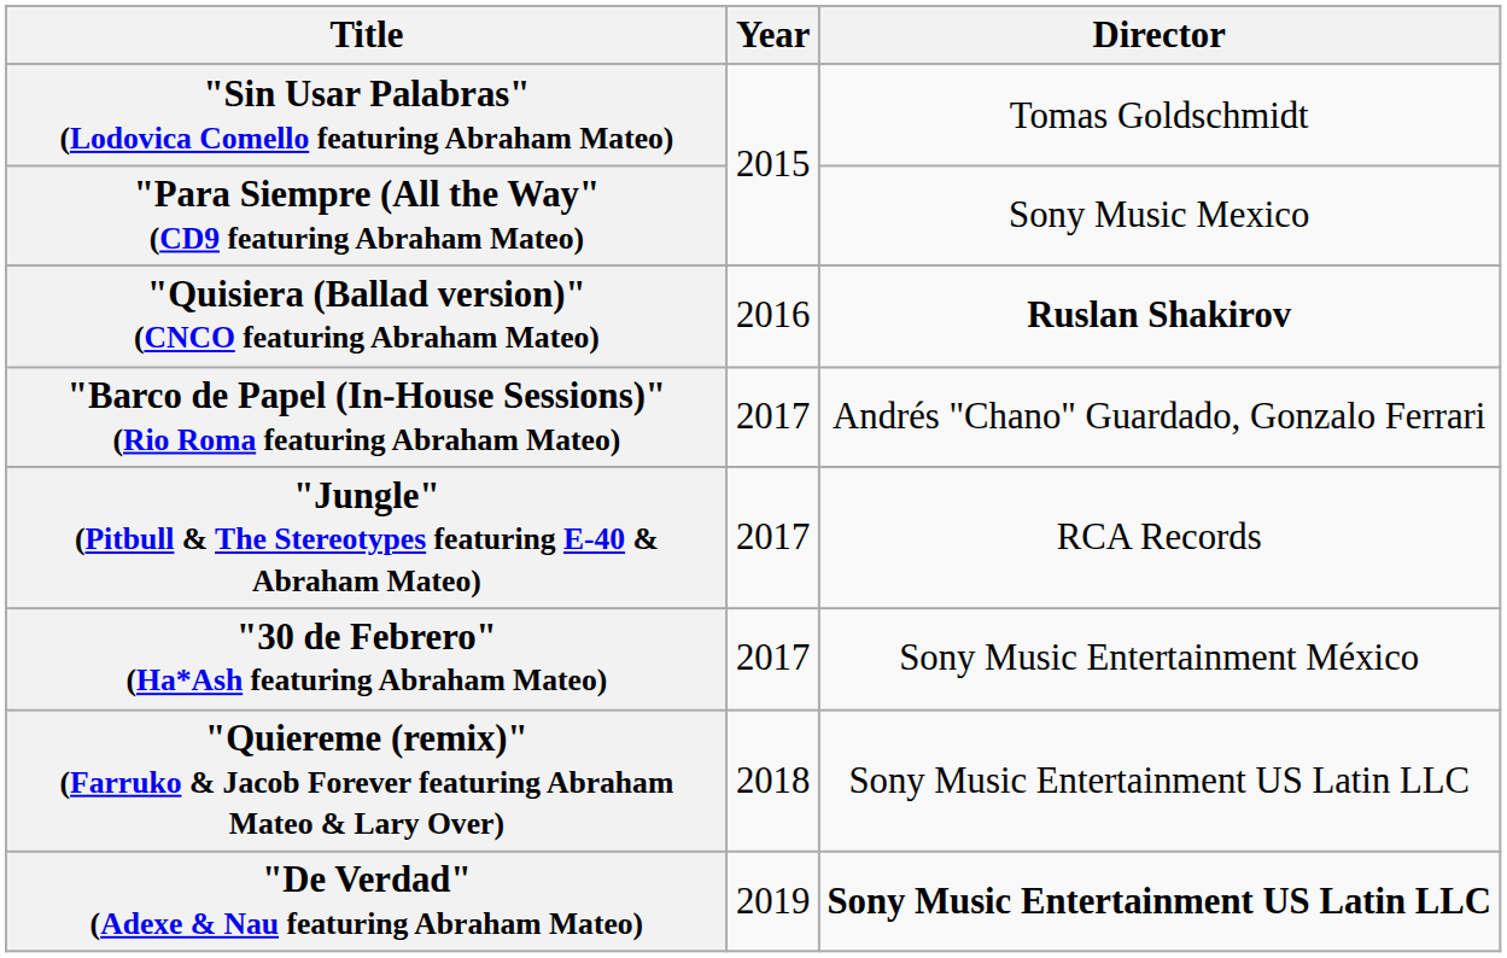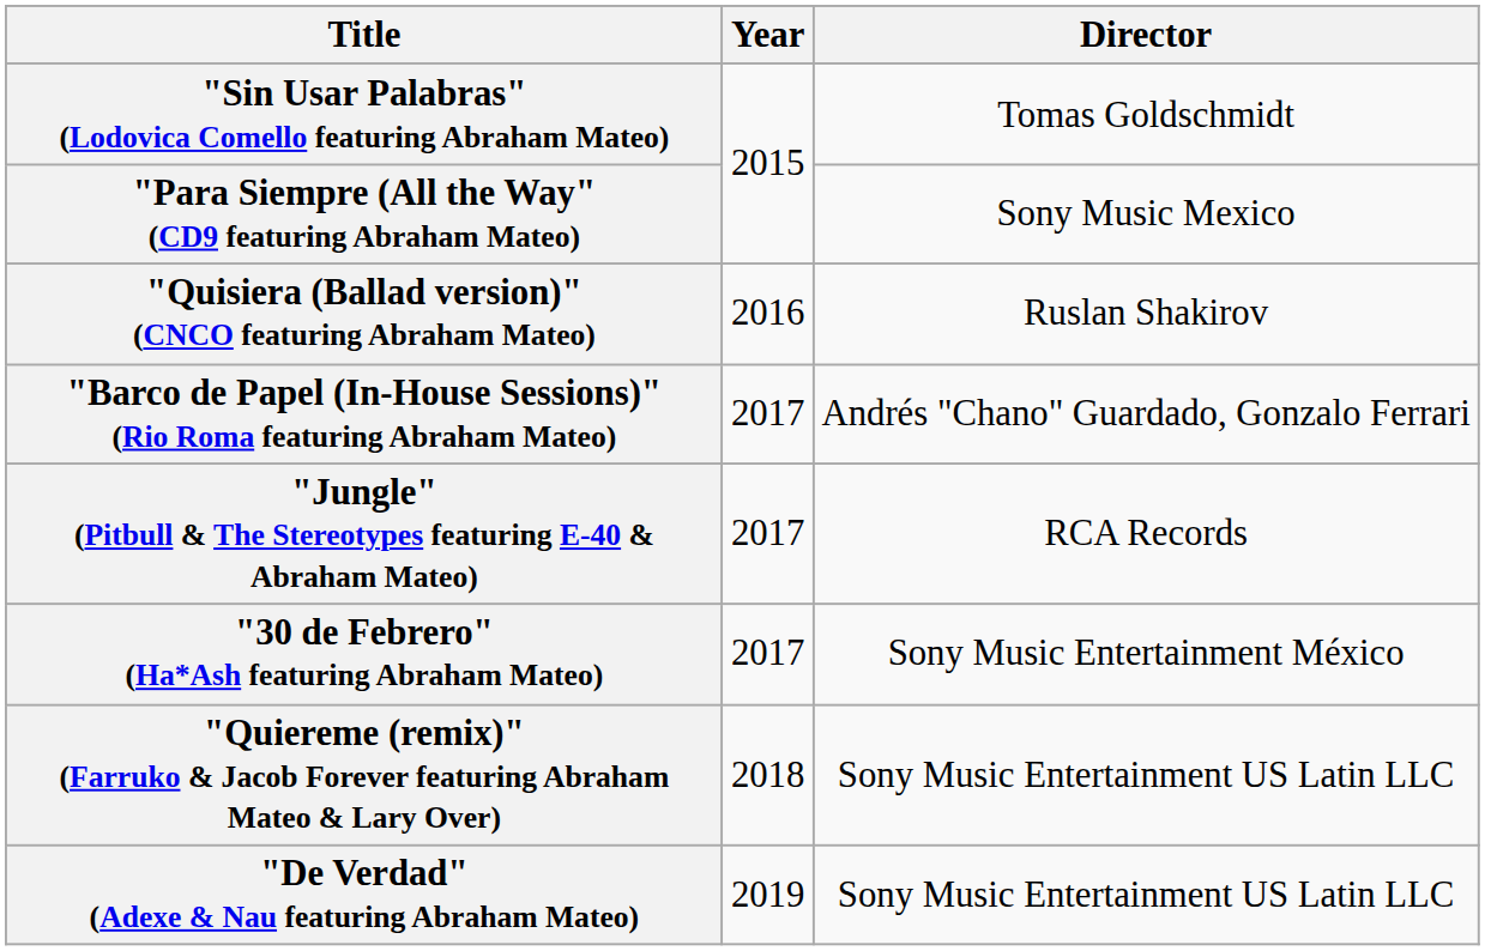 <table class="wikitable plainrowheaders" style="text-align:center;">
 <tr>
 <th scope="col" style="width:19em;">Title</th>
 <th>Year</th>
 <th>Director</th>
 </tr>
 <tr>
 <th scope="row">"Sin Usar Palabras" <br><small>(<a href='#'>Lodovica Comello</a> featuring Abraham Mateo)</small></th>
 <td rowspan="2">2015</td>
 <td>Tomas Goldschmidt</td>
 </tr>
 <tr>
 <th scope="row">"Para Siempre (All the Way" <br><small>(<a href='#'>CD9</a> featuring Abraham Mateo)</small></th>
 <td>Sony Music Mexico</td>
 </tr>
 <tr>
 <th scope="row">"Quisiera (Ballad version)" <br><small>(<a href='#'>CNCO</a> featuring Abraham Mateo)</small></th>
 <td rowspan="1">2016</td>
-<td><strong>Ruslan Shakirov</strong></td>
+<td>Ruslan Shakirov</td>
 </tr>
 <tr>
 <th scope="row">"Barco de Papel (In-House Sessions)" <br><small>(<a href='#'>Rio Roma</a> featuring Abraham Mateo)</small></th>
 <td rowspan="1">2017</td>
 <td>Andrés "Chano" Guardado, Gonzalo Ferrari</td>
 </tr>
 <tr>
 <th scope="row">"Jungle" <br><small>(<a href='#'>Pitbull</a> & <a href='#'>The Stereotypes</a> featuring <a href='#'>E-40</a> & Abraham Mateo)</small></th>
 <td rowspan="1">2017</td>
 <td>RCA Records</td>
 </tr>
 <tr>
 <th scope="row">"30 de Febrero" <br><small>(<a href='#'>Ha*Ash</a> featuring Abraham Mateo)</small></th>
 <td rowspan="1">2017</td>
 <td>Sony Music Entertainment México</td>
 </tr>
 <tr>
 <th scope="row">"Quiereme (remix)" <br><small>(<a href='#'>Farruko</a> & Jacob Forever featuring Abraham Mateo & Lary Over)</small></th>
 <td rowspan="1">2018</td>
 <td>Sony Music Entertainment US Latin LLC</td>
 </tr>
 <tr>
 <th scope="row">"De Verdad" <br><small>(<a href='#'>Adexe & Nau</a> featuring Abraham Mateo)</small></th>
 <td rowspan="1">2019</td>
-<td><strong>Sony Music Entertainment US Latin LLC</strong></td>
+<td>Sony Music Entertainment US Latin LLC</td>
 </tr>
 </table>
